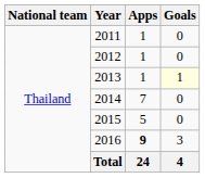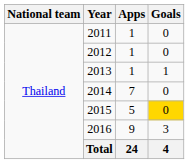 <table class="wikitable" style="text-align:center">
 <tr>
 <th>National team</th>
 <th>Year</th>
 <th>Apps</th>
 <th>Goals</th>
 </tr>
 <tr>
 <td rowspan="7" valign="center"><a href='#'>Thailand</a></td>
 <td>2011</td>
 <td>1</td>
 <td>0</td>
 </tr>
 <tr>
 <td>2012</td>
 <td>1</td>
 <td>0</td>
 </tr>
 <tr>
 <td>2013</td>
 <td>1</td>
-<td style="background: lightyellow;">1</td>
+<td>1</td>
 </tr>
 <tr>
 <td>2014</td>
 <td>7</td>
 <td>0</td>
 </tr>
 <tr>
 <td>2015</td>
 <td>5</td>
-<td>0</td>
+<td style="background: gold;">0</td>
 </tr>
 <tr>
 <td>2016</td>
-<td><strong>9</strong></td>
+<td>9</td>
 <td>3</td>
 </tr>
 <tr>
 <th>Total</th>
 <th>24</th>
 <th>4</th>
 </tr>
 </table>
